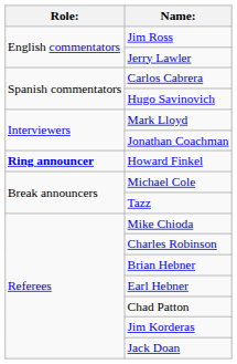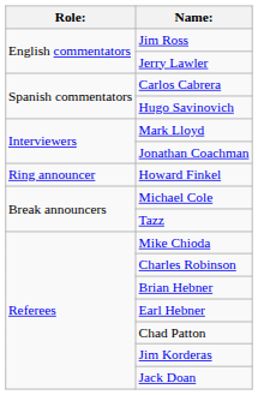 <table class=wikitable style="font-size:90%; margin: 0.5em 0 0.5em 1em; float: right; clear: right;">
 <tr>
 <th>Role:</th>
 <th>Name:</th>
 </tr>
 <tr>
 <td rowspan="2">English <a href='#'>commentators</a></td>
 <td><a href='#'>Jim Ross</a></td>
 </tr>
 <tr>
 <td><a href='#'>Jerry Lawler</a></td>
 </tr>
 <tr>
 <td rowspan="2">Spanish commentators</td>
 <td><a href='#'>Carlos Cabrera</a></td>
 </tr>
 <tr>
 <td><a href='#'>Hugo Savinovich</a></td>
 </tr>
 <tr>
 <td rowspan="2"><a href='#'>Interviewers</a></td>
 <td><a href='#'>Mark Lloyd</a></td>
 </tr>
 <tr>
 <td><a href='#'>Jonathan Coachman</a></td>
 </tr>
 <tr>
-<td><strong><a href='#'>Ring announcer</a></strong></td>
+<td><a href='#'>Ring announcer</a></td>
 <td><a href='#'>Howard Finkel</a></td>
 </tr>
 <tr>
 <td rowspan="2">Break announcers</td>
 <td><a href='#'>Michael Cole</a></td>
 </tr>
 <tr>
 <td><a href='#'>Tazz</a></td>
 </tr>
 <tr>
 <td rowspan="7"><a href='#'>Referees</a></td>
 <td><a href='#'>Mike Chioda</a></td>
 </tr>
 <tr>
 <td><a href='#'>Charles Robinson</a></td>
 </tr>
 <tr>
 <td><a href='#'>Brian Hebner</a></td>
 </tr>
 <tr>
 <td><a href='#'>Earl Hebner</a></td>
 </tr>
 <tr>
 <td>Chad Patton</td>
 </tr>
 <tr>
 <td><a href='#'>Jim Korderas</a></td>
 </tr>
 <tr>
 <td><a href='#'>Jack Doan</a></td>
 </tr>
 </table>
